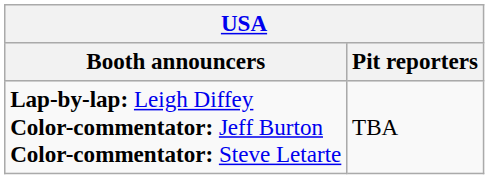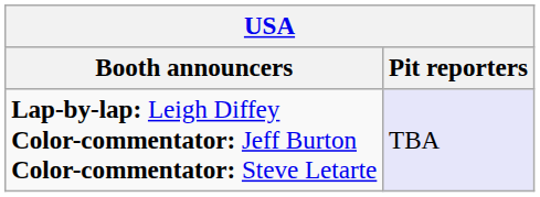 <table class="wikitable" style="font-size: 95%">
 <tr>
 <th colspan="2"><a href='#'>USA</a></th>
 </tr>
 <tr>
 <th>Booth announcers</th>
 <th>Pit reporters</th>
 </tr>
 <tr>
 <td><strong>Lap-by-lap:</strong> <a href='#'>Leigh Diffey</a><br><strong>Color-commentator:</strong> <a href='#'>Jeff Burton</a><br><strong>Color-commentator:</strong> <a href='#'>Steve Letarte</a></td>
-<td>TBA</td>
+<td style="background: lavender;">TBA</td>
 </tr>
 </table>
